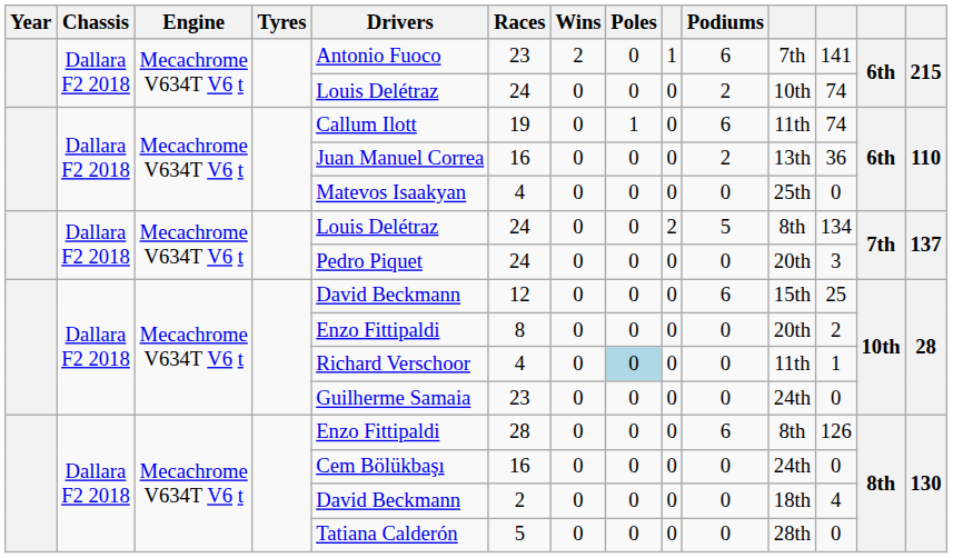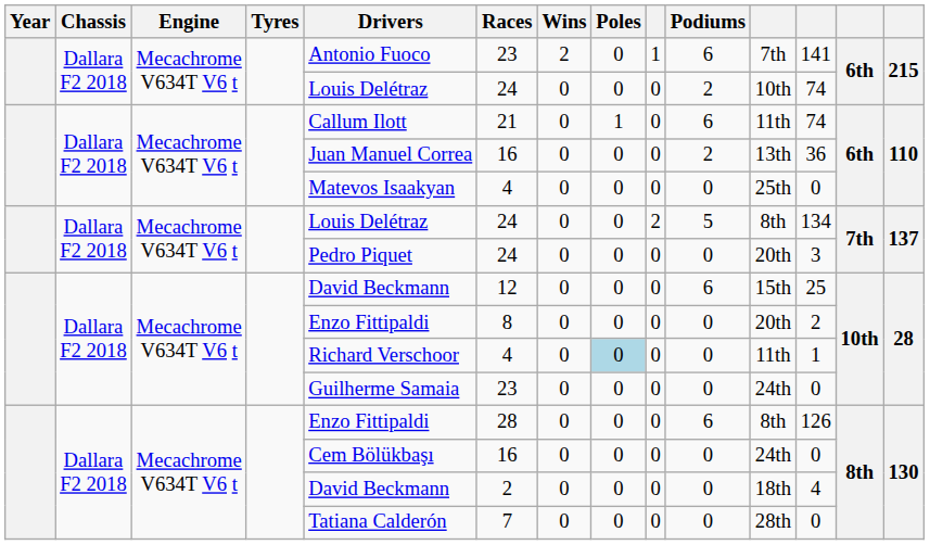 <table class="wikitable" style="text-align:center; font-size:85%">
 <tr>
 <th>Year</th>
 <th>Chassis</th>
 <th>Engine</th>
 <th>Tyres</th>
 <th>Drivers</th>
 <th>Races</th>
 <th>Wins</th>
 <th>Poles</th>
 <th></th>
 <th>Podiums</th>
 <th></th>
 <th></th>
 <th></th>
 <th></th>
 </tr>
 <tr>
 <th rowspan=2></th>
 <td rowspan=2><a href='#'>Dallara</a><br><a href='#'>F2 2018</a></td>
 <td rowspan=2><a href='#'>Mecachrome</a><br>V634T <a href='#'>V6</a> <a href='#'>t</a></td>
 <td rowspan=2></td>
 <td align=left> <a href='#'>Antonio Fuoco</a></td>
 <td>23</td>
 <td>2</td>
 <td>0</td>
 <td>1</td>
 <td>6</td>
 <td>7th</td>
 <td>141</td>
 <th rowspan="2">6th</th>
 <th rowspan="2">215</th>
 </tr>
 <tr>
 <td align=left> <a href='#'>Louis Delétraz</a></td>
 <td>24</td>
 <td>0</td>
 <td>0</td>
 <td>0</td>
 <td>2</td>
 <td>10th</td>
 <td>74</td>
 </tr>
 <tr>
 <th rowspan=3></th>
 <td rowspan=3><a href='#'>Dallara</a><br><a href='#'>F2 2018</a></td>
 <td rowspan=3><a href='#'>Mecachrome</a><br>V634T <a href='#'>V6</a> <a href='#'>t</a></td>
 <td rowspan=3></td>
 <td align=left> <a href='#'>Callum Ilott</a></td>
-<td>19</td>
+<td>21</td>
 <td>0</td>
 <td>1</td>
 <td>0</td>
 <td>6</td>
 <td>11th</td>
 <td>74</td>
 <th rowspan="3">6th</th>
 <th rowspan="3">110</th>
 </tr>
 <tr>
 <td align=left> <a href='#'>Juan Manuel Correa</a></td>
 <td>16</td>
 <td>0</td>
 <td>0</td>
 <td>0</td>
 <td>2</td>
 <td>13th</td>
 <td>36</td>
 </tr>
 <tr>
 <td align=left> <a href='#'>Matevos Isaakyan</a></td>
 <td>4</td>
 <td>0</td>
 <td>0</td>
 <td>0</td>
 <td>0</td>
 <td>25th</td>
 <td>0</td>
 </tr>
 <tr>
 <th rowspan=2></th>
 <td rowspan=2><a href='#'>Dallara</a><br><a href='#'>F2 2018</a></td>
 <td rowspan=2><a href='#'>Mecachrome</a><br>V634T <a href='#'>V6</a> <a href='#'>t</a></td>
 <td rowspan=2></td>
 <td align=left> <a href='#'>Louis Delétraz</a></td>
 <td>24</td>
 <td>0</td>
 <td>0</td>
 <td>2</td>
 <td>5</td>
 <td>8th</td>
 <td>134</td>
 <th rowspan="2">7th</th>
 <th rowspan="2">137</th>
 </tr>
 <tr>
 <td align=left> <a href='#'>Pedro Piquet</a></td>
 <td>24</td>
 <td>0</td>
 <td>0</td>
 <td>0</td>
 <td>0</td>
 <td>20th</td>
 <td>3</td>
 </tr>
 <tr>
 <th rowspan=4></th>
 <td rowspan=4><a href='#'>Dallara</a><br><a href='#'>F2 2018</a></td>
 <td rowspan=4><a href='#'>Mecachrome</a><br>V634T <a href='#'>V6</a> <a href='#'>t</a></td>
 <td rowspan=4></td>
 <td align=left> <a href='#'>David Beckmann</a></td>
 <td>12</td>
 <td>0</td>
 <td>0</td>
 <td>0</td>
 <td>6</td>
 <td>15th</td>
 <td>25</td>
 <th rowspan="4">10th</th>
 <th rowspan="4">28</th>
 </tr>
 <tr>
 <td align=left> <a href='#'>Enzo Fittipaldi</a></td>
 <td>8</td>
 <td>0</td>
 <td>0</td>
 <td>0</td>
 <td>0</td>
 <td>20th</td>
 <td>2</td>
 </tr>
 <tr>
 <td align=left> <a href='#'>Richard Verschoor</a></td>
 <td>4</td>
 <td>0</td>
 <td style="background: lightblue;">0</td>
 <td>0</td>
 <td>0</td>
 <td>11th</td>
 <td>1</td>
 </tr>
 <tr>
 <td align=left> <a href='#'>Guilherme Samaia</a></td>
 <td>23</td>
 <td>0</td>
 <td>0</td>
 <td>0</td>
 <td>0</td>
 <td>24th</td>
 <td>0</td>
 </tr>
 <tr>
 <th rowspan=4></th>
 <td rowspan=4><a href='#'>Dallara</a><br><a href='#'>F2 2018</a></td>
 <td rowspan=4><a href='#'>Mecachrome</a><br>V634T <a href='#'>V6</a> <a href='#'>t</a></td>
 <td rowspan=4></td>
 <td align=left> <a href='#'>Enzo Fittipaldi</a></td>
 <td>28</td>
 <td>0</td>
 <td>0</td>
 <td>0</td>
 <td>6</td>
 <td>8th</td>
 <td>126</td>
 <th rowspan=4>8th</th>
 <th rowspan=4>130</th>
 </tr>
 <tr>
 <td align=left> <a href='#'>Cem Bölükbaşı</a></td>
 <td>16</td>
 <td>0</td>
 <td>0</td>
 <td>0</td>
 <td>0</td>
 <td>24th</td>
 <td>0</td>
 </tr>
 <tr>
 <td align=left> <a href='#'>David Beckmann</a></td>
 <td>2</td>
 <td>0</td>
 <td>0</td>
 <td>0</td>
 <td>0</td>
 <td>18th</td>
 <td>4</td>
 </tr>
 <tr>
 <td align=left> <a href='#'>Tatiana Calderón</a></td>
-<td>5</td>
+<td>7</td>
 <td>0</td>
 <td>0</td>
 <td>0</td>
 <td>0</td>
 <td>28th</td>
 <td>0</td>
 </tr>
 </table>
